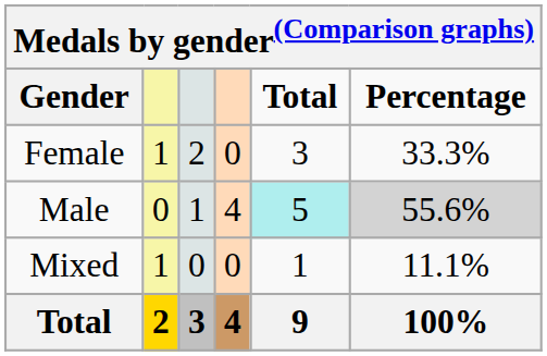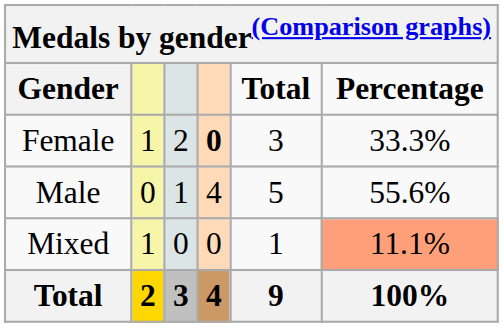 <table class="wikitable" style="font-size:95%">
 <tr style="background:#efefef;">
 <th colspan=6>Medals by gender<sup><a href='#'>(Comparison graphs)</a></sup></th>
 </tr>
 <tr style="text-align:center;">
 <th><strong>Gender</strong></th>
 <td style="background:#F7F6A8;"></td>
 <td style="background:#DCE5E5;"></td>
 <td style="background:#FFDAB9;"></td>
 <td><strong>Total</strong></td>
 <td><strong>Percentage</strong></td>
 </tr>
 <tr align=center>
 <td>Female</td>
 <td style="background:#F7F6A8;">1</td>
 <td style="background:#DCE5E5;">2</td>
-<td style="background:#FFDAB9;">0</td>
+<td style="background:#FFDAB9;"><strong>0</strong></td>
 <td>3</td>
 <td>33.3%</td>
 </tr>
 <tr align=center>
 <td>Male</td>
 <td style="background:#F7F6A8;">0</td>
 <td style="background:#DCE5E5;">1</td>
 <td style="background:#FFDAB9;">4</td>
-<td style="background: paleturquoise;">5</td>
-<td style="background: lightgrey;">55.6%</td>
+<td>5</td>
+<td>55.6%</td>
 </tr>
 <tr align=center>
 <td>Mixed</td>
 <td style="background:#F7F6A8;">1</td>
 <td style="background:#DCE5E5;">0</td>
 <td style="background:#FFDAB9;">0</td>
 <td>1</td>
-<td>11.1%</td>
+<td style="background: lightsalmon;">11.1%</td>
 </tr>
 <tr align=center>
 <th>Total</th>
 <th style=background:gold>2</th>
 <th style=background:silver>3</th>
 <th style=background:#c96>4</th>
 <th>9</th>
 <th>100%</th>
 </tr>
 </table>
